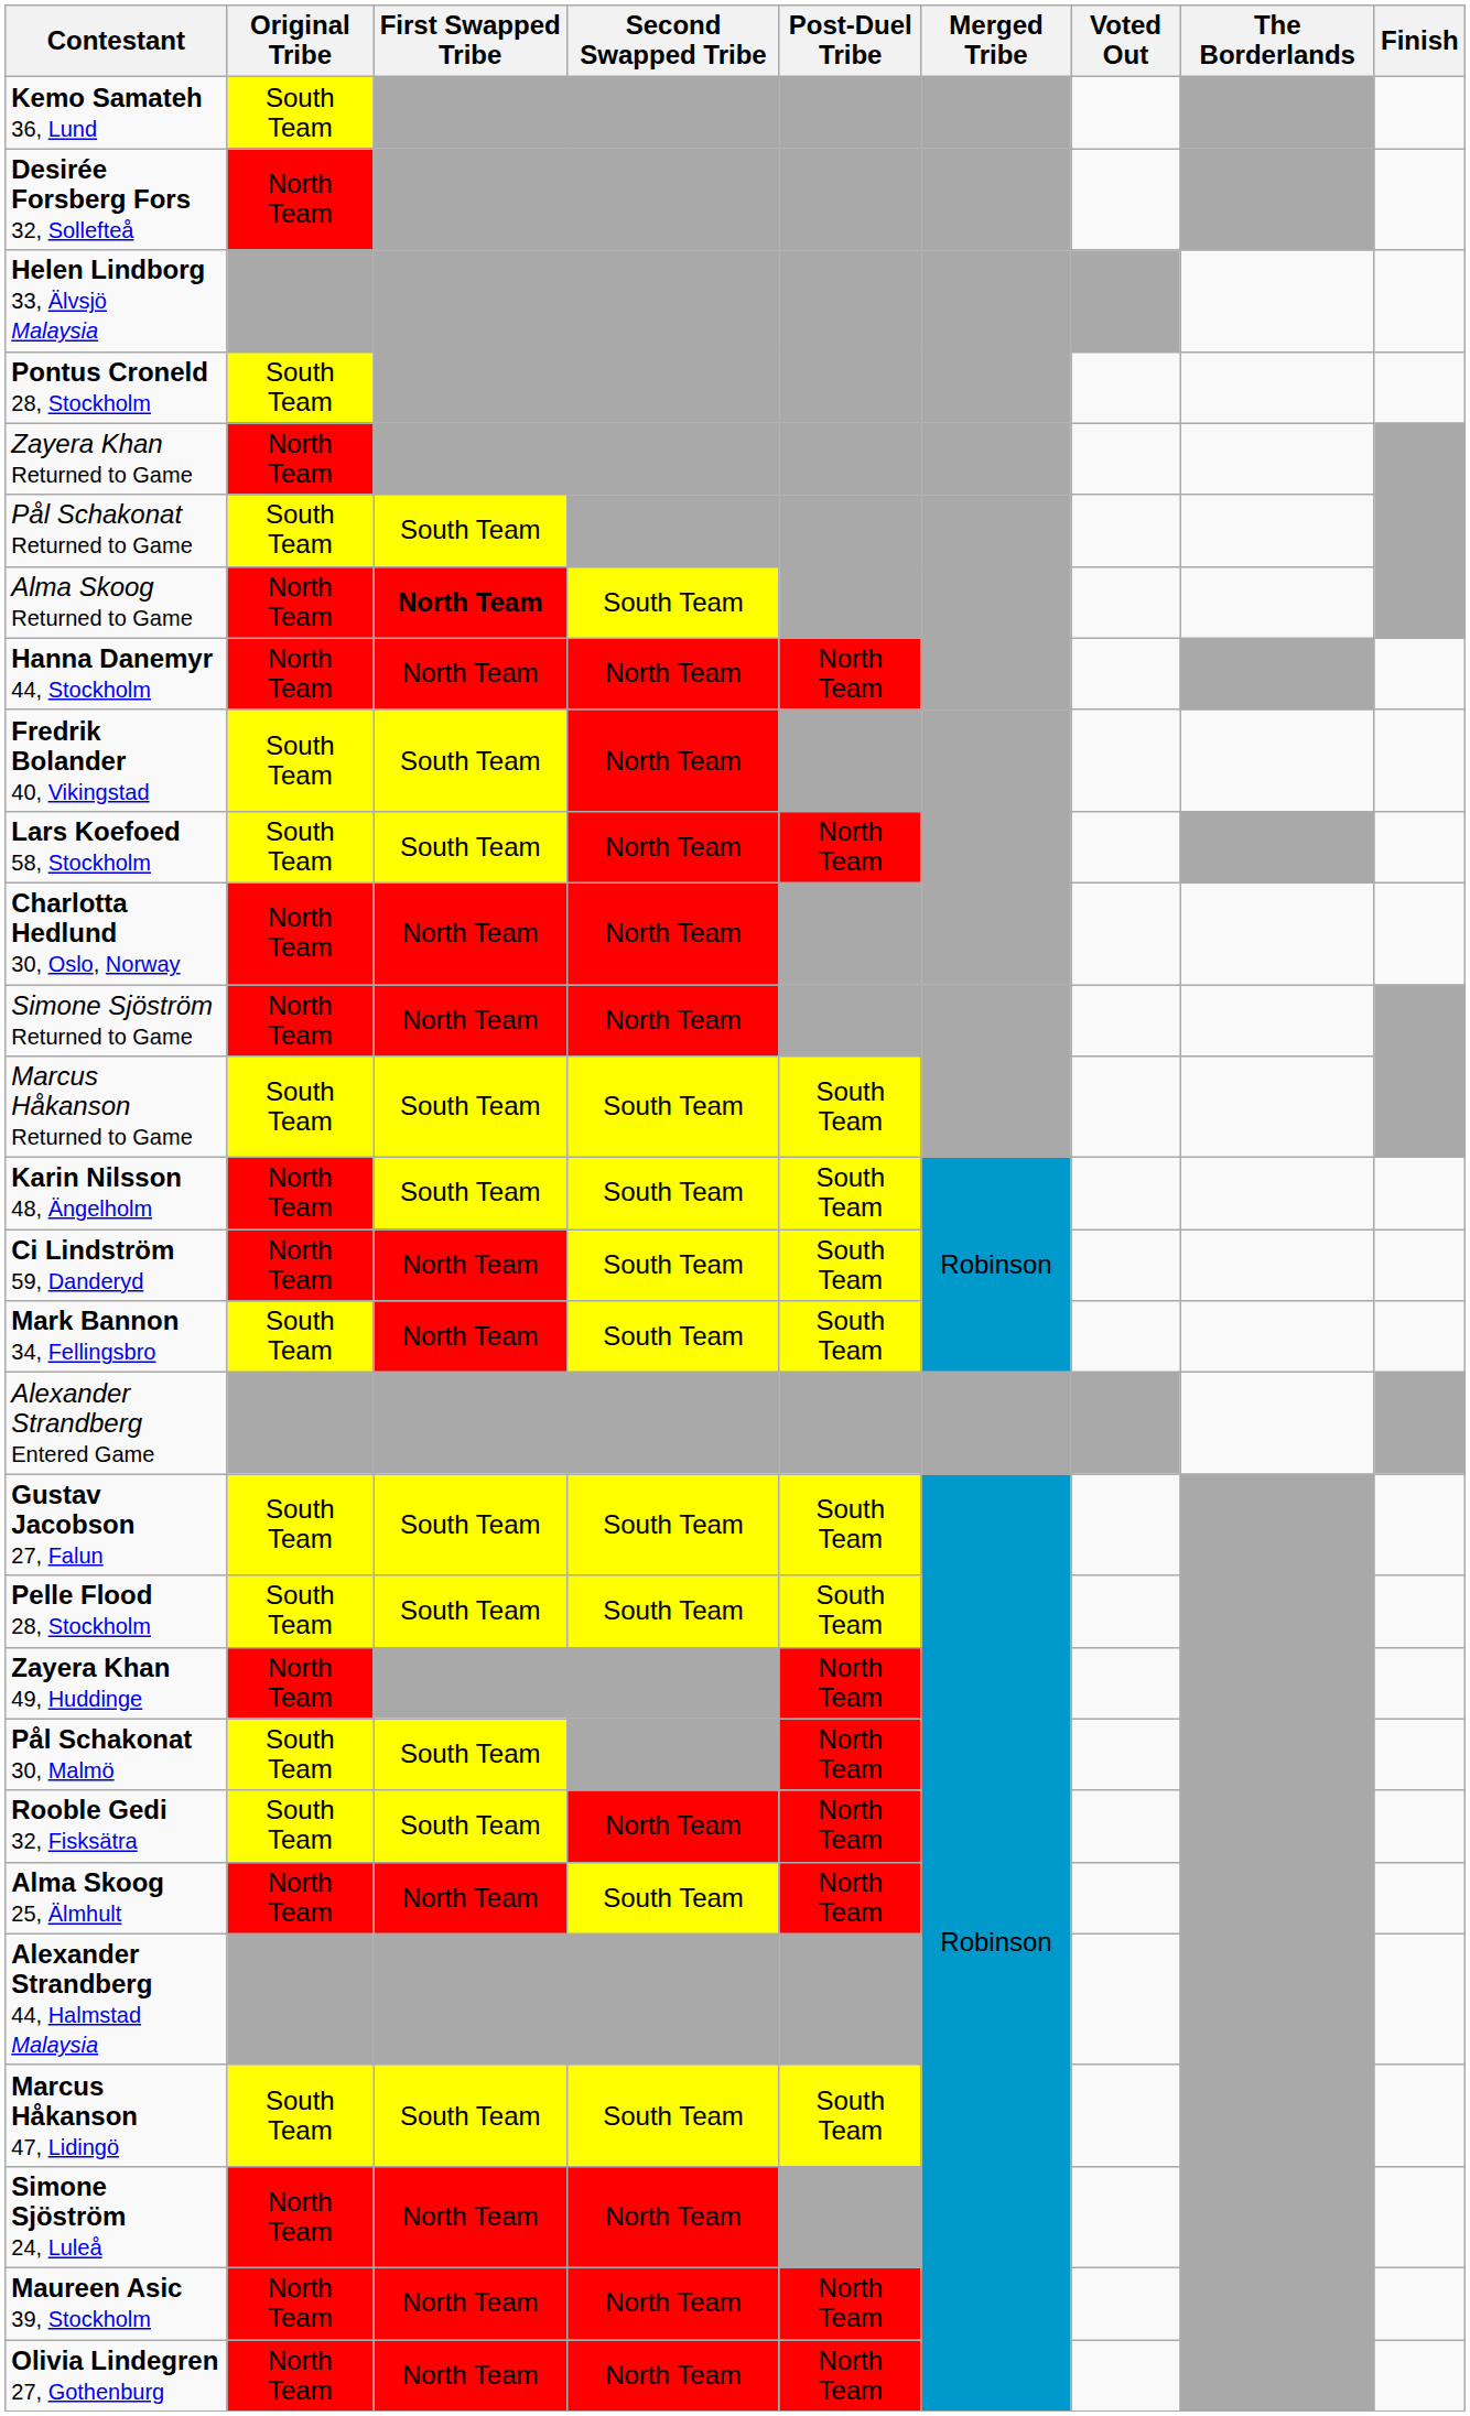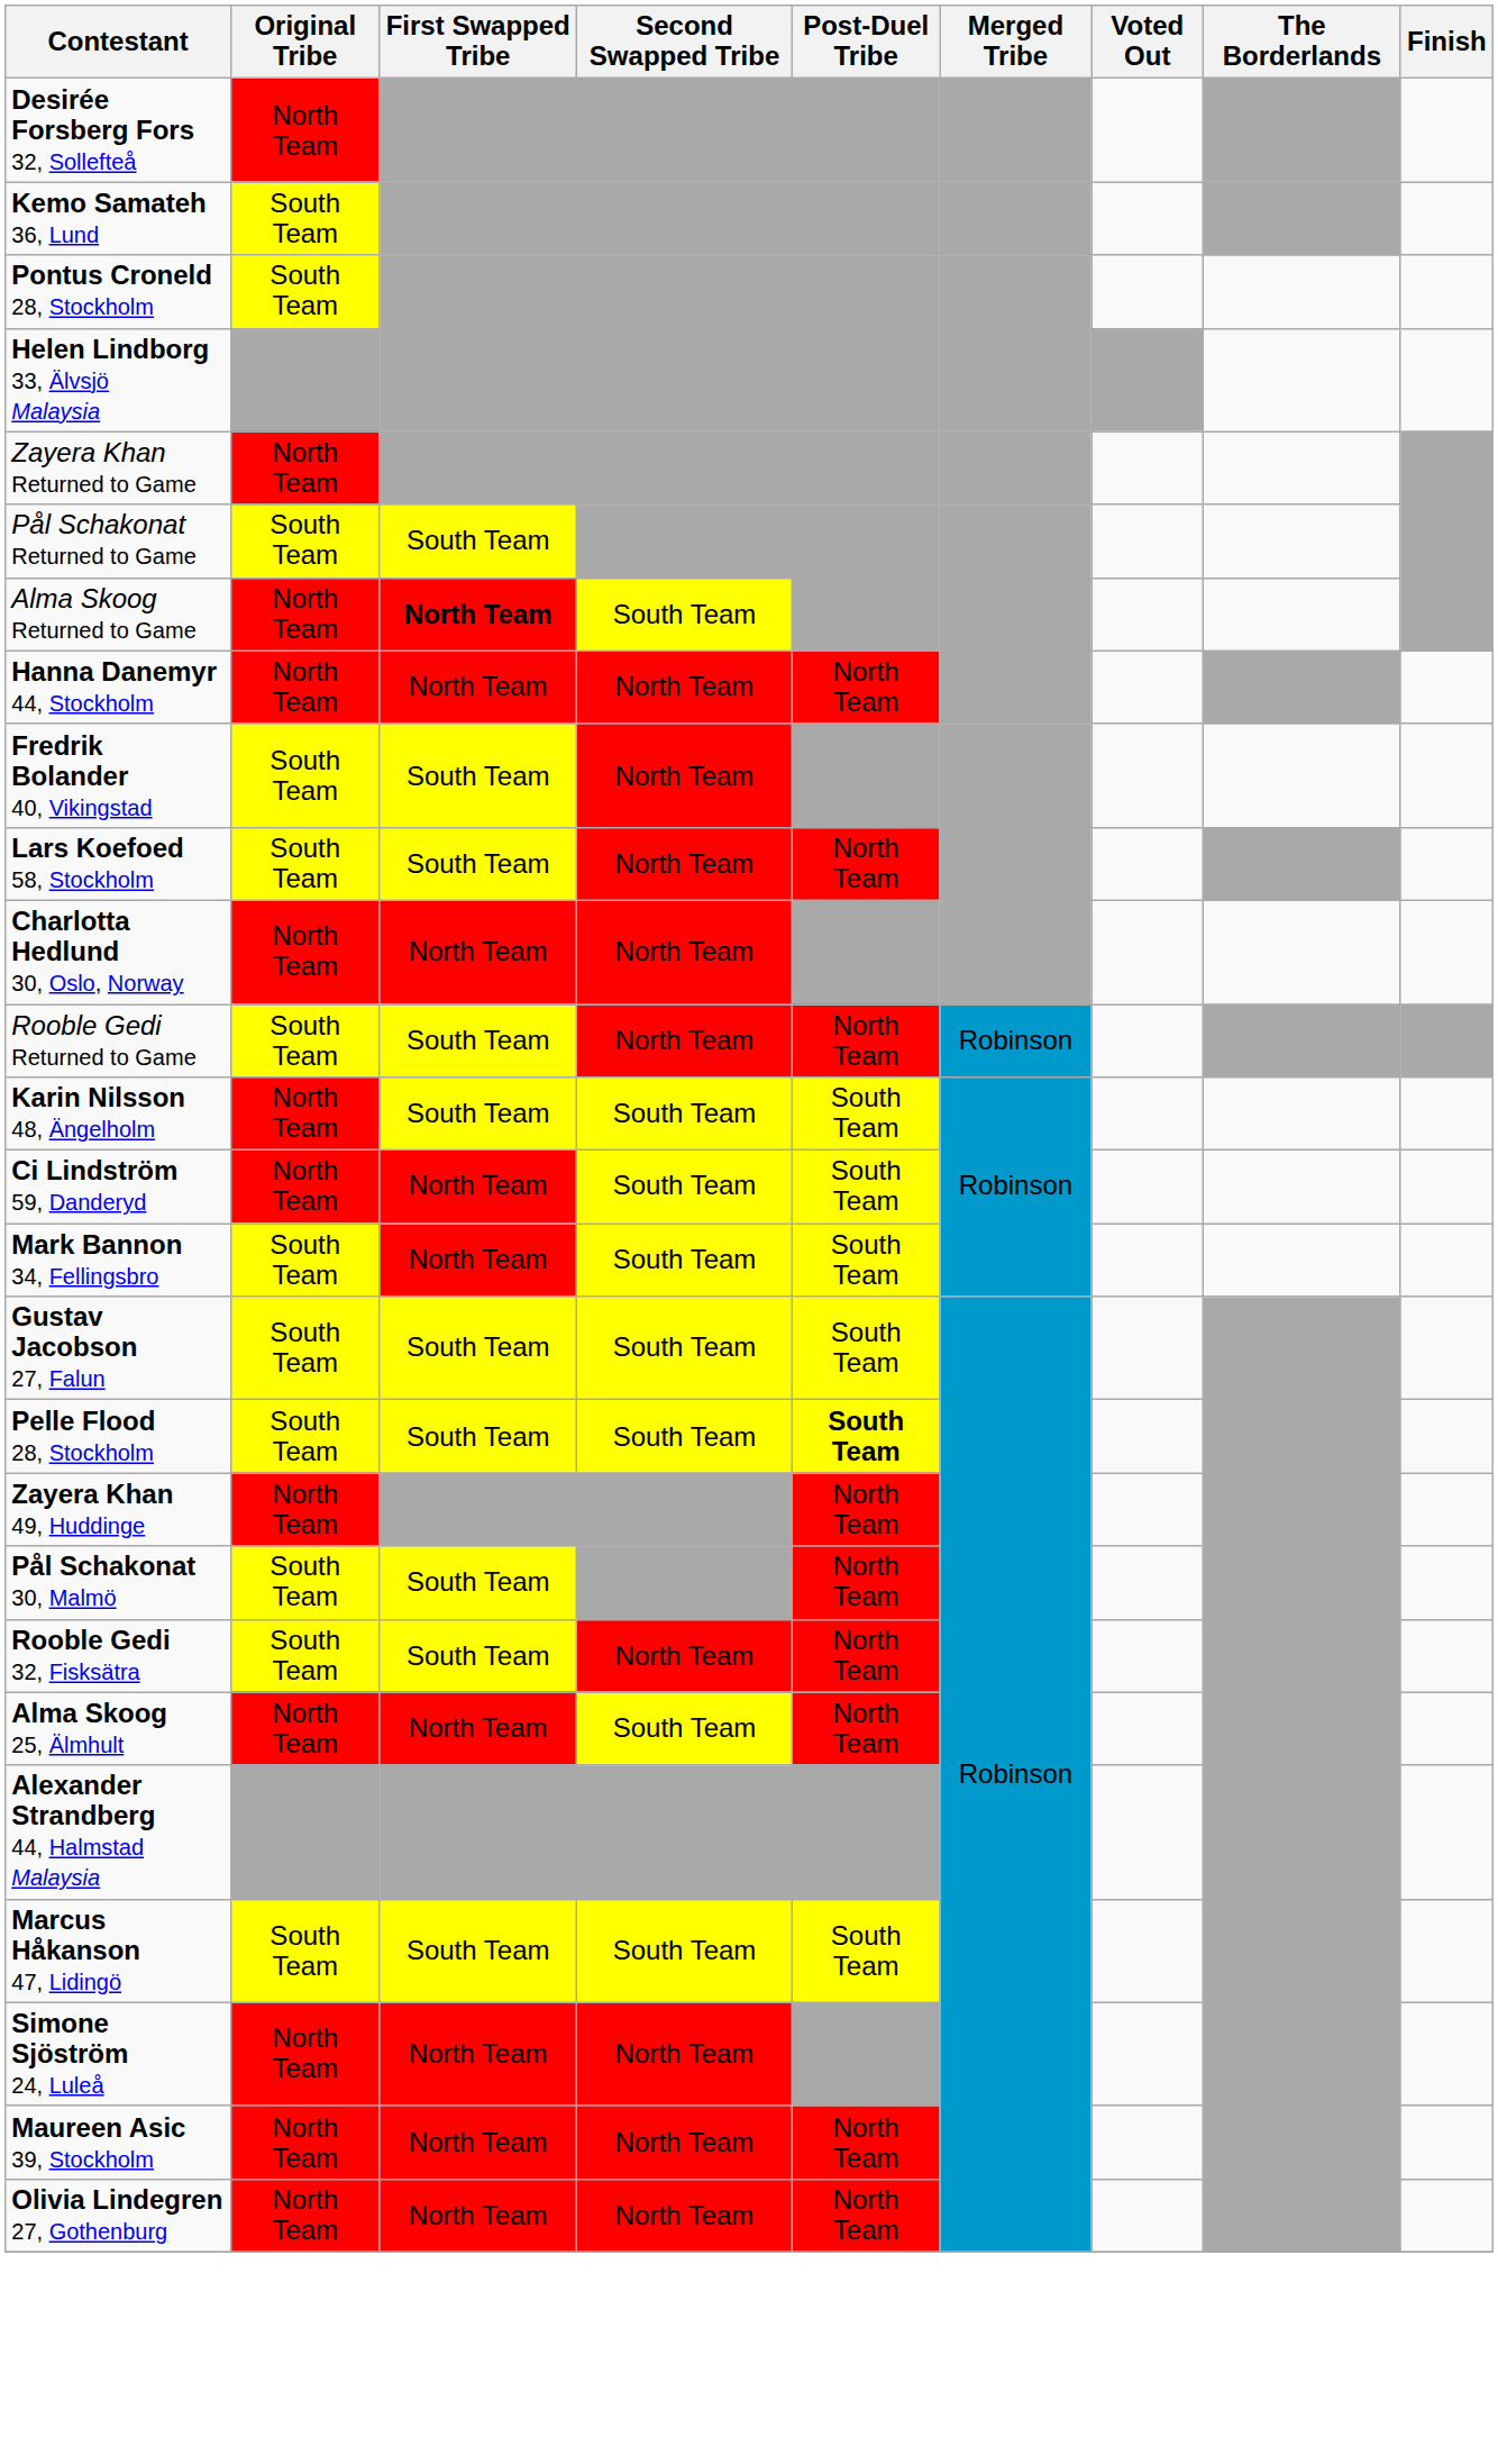 <table class="wikitable" style="margin:auto; text-align:center">
 <tr>
 <th>Contestant</th>
 <th>Original Tribe</th>
 <th>First Swapped Tribe</th>
 <th>Second Swapped Tribe</th>
 <th>Post-Duel Tribe</th>
 <th>Merged Tribe</th>
 <th>Voted Out</th>
 <th>The Borderlands</th>
 <th>Finish</th>
 </tr>
 <tr>
+<td style="text-align: left;"><strong>Desirée Forsberg Fors</strong><br><small>32, <a href='#'>Sollefteå</a></small></td>
+<td bgcolor="red">North Team</td>
+<td bgcolor="darkgrey"></td>
+<td bgcolor="darkgrey"></td>
+<td bgcolor="darkgrey"></td>
+<td bgcolor="darkgrey"></td>
+<td></td>
+<td bgcolor="darkgrey"></td>
+<td></td>
+</tr>
+<tr>
 <td style="text-align: left;"><strong>Kemo Samateh</strong><br><small>36, <a href='#'>Lund</a></small></td>
 <td bgcolor="yellow">South Team</td>
 <td bgcolor="darkgrey"></td>
 <td bgcolor="darkgrey"></td>
 <td bgcolor="darkgrey"></td>
 <td bgcolor="darkgrey"></td>
 <td></td>
 <td bgcolor="darkgrey"></td>
 <td></td>
 </tr>
 <tr>
-<td style="text-align: left;"><strong>Desirée Forsberg Fors</strong><br><small>32, <a href='#'>Sollefteå</a></small></td>
-<td bgcolor="red">North Team</td>
+<td style="text-align: left;"><strong>Pontus Croneld</strong><br><small>28, <a href='#'>Stockholm</a></small></td>
+<td bgcolor="yellow">South Team</td>
 <td bgcolor="darkgrey"></td>
 <td bgcolor="darkgrey"></td>
 <td bgcolor="darkgrey"></td>
 <td bgcolor="darkgrey"></td>
 <td></td>
-<td bgcolor="darkgrey"></td>
+<td></td>
 <td></td>
 </tr>
 <tr>
 <td style="text-align: left;"><strong>Helen Lindborg</strong><br><small>33, <a href='#'>Älvsjö</a><br><em><a href='#'>Malaysia</a></em></small></td>
 <td bgcolor="darkgrey"></td>
 <td bgcolor="darkgrey"></td>
 <td bgcolor="darkgrey"></td>
 <td bgcolor="darkgrey"></td>
 <td bgcolor="darkgrey"></td>
 <td bgcolor="darkgrey"></td>
-<td></td>
-<td></td>
-</tr>
-<tr>
-<td style="text-align: left;"><strong>Pontus Croneld</strong><br><small>28, <a href='#'>Stockholm</a></small></td>
-<td bgcolor="yellow">South Team</td>
-<td bgcolor="darkgrey"></td>
-<td bgcolor="darkgrey"></td>
-<td bgcolor="darkgrey"></td>
-<td bgcolor="darkgrey"></td>
-<td></td>
 <td></td>
 <td></td>
 </tr>
 <tr>
 <td style="text-align: left;"><em>Zayera Khan</em><br><small>Returned to Game</small></td>
 <td bgcolor="red">North Team</td>
 <td bgcolor="darkgrey"></td>
 <td bgcolor="darkgrey"></td>
 <td bgcolor="darkgrey"></td>
 <td bgcolor="darkgrey"></td>
 <td></td>
 <td></td>
 <td rowspan="3" bgcolor="darkgrey"></td>
 </tr>
 <tr>
 <td style="text-align: left;"><em>Pål Schakonat</em><br><small>Returned to Game</small></td>
 <td bgcolor="yellow">South Team</td>
 <td bgcolor="yellow">South Team</td>
 <td bgcolor="darkgrey"></td>
 <td bgcolor="darkgrey"></td>
 <td bgcolor="darkgrey"></td>
 <td></td>
 <td></td>
 </tr>
 <tr>
 <td style="text-align: left;"><em>Alma Skoog</em><br><small>Returned to Game</small></td>
 <td bgcolor="red">North Team</td>
 <td bgcolor="red"><strong>North Team</strong></td>
 <td bgcolor="yellow">South Team</td>
 <td bgcolor="darkgrey"></td>
 <td bgcolor="darkgrey"></td>
 <td></td>
 <td></td>
 </tr>
 <tr>
 <td style="text-align: left;"><strong>Hanna Danemyr</strong><br><small>44, <a href='#'>Stockholm</a></small></td>
 <td bgcolor="red">North Team</td>
 <td bgcolor="red">North Team</td>
 <td bgcolor="red">North Team</td>
 <td bgcolor="red">North Team</td>
 <td bgcolor="darkgrey"></td>
 <td></td>
 <td bgcolor="darkgrey"></td>
 <td></td>
 </tr>
 <tr>
 <td style="text-align: left;"><strong>Fredrik Bolander</strong><br><small>40, <a href='#'>Vikingstad</a></small></td>
 <td bgcolor="yellow">South Team</td>
 <td bgcolor="yellow">South Team</td>
 <td bgcolor="red">North Team</td>
 <td bgcolor="darkgrey"></td>
 <td bgcolor="darkgrey"></td>
 <td></td>
 <td></td>
 <td></td>
 </tr>
 <tr>
 <td style="text-align: left;"><strong>Lars Koefoed</strong><br><small>58, <a href='#'>Stockholm</a></small></td>
 <td bgcolor="yellow">South Team</td>
 <td bgcolor="yellow">South Team</td>
 <td bgcolor="red">North Team</td>
 <td bgcolor="red">North Team</td>
 <td bgcolor="darkgrey"></td>
 <td></td>
 <td bgcolor="darkgrey"></td>
 <td></td>
 </tr>
 <tr>
 <td style="text-align: left;"><strong>Charlotta Hedlund</strong><br><small>30, <a href='#'>Oslo</a>, <a href='#'>Norway</a></small></td>
 <td bgcolor="red">North Team</td>
 <td bgcolor="red">North Team</td>
 <td bgcolor="red">North Team</td>
 <td bgcolor="darkgrey"></td>
 <td bgcolor="darkgrey"></td>
 <td></td>
 <td></td>
 <td></td>
 </tr>
 <tr>
-<td style="text-align: left;"><em>Simone Sjöström</em><br><small>Returned to Game</small></td>
+<td style="text-align: left;"><em>Rooble Gedi</em><br><small>Returned to Game</small></td>
+<td bgcolor="yellow">South Team</td>
+<td bgcolor="yellow">South Team</td>
 <td bgcolor="red">North Team</td>
 <td bgcolor="red">North Team</td>
-<td bgcolor="red">North Team</td>
-<td bgcolor="darkgrey"></td>
-<td bgcolor="darkgrey"></td>
-<td></td>
+<td bgcolor="#0099CC">Robinson</td>
 <td></td>
 <td bgcolor="darkgrey"></td>
-</tr>
-<tr>
-<td style="text-align: left;"><em>Marcus Håkanson</em><br><small>Returned to Game</small></td>
-<td bgcolor="yellow">South Team</td>
-<td bgcolor="yellow">South Team</td>
-<td bgcolor="yellow">South Team</td>
-<td bgcolor="yellow">South Team</td>
-<td bgcolor="darkgrey"></td>
-<td></td>
-<td></td>
 <td bgcolor="darkgrey"></td>
 </tr>
 <tr>
 <td style="text-align: left;"><strong>Karin Nilsson</strong><br><small>48, <a href='#'>Ängelholm</a></small></td>
 <td bgcolor="red">North Team</td>
 <td bgcolor="yellow">South Team</td>
 <td bgcolor="yellow">South Team</td>
 <td bgcolor="yellow">South Team</td>
 <td rowspan="3" bgcolor="#0099CC">Robinson</td>
 <td></td>
 <td></td>
 <td></td>
 </tr>
 <tr>
 <td style="text-align: left;"><strong>Ci Lindström</strong><br><small>59, <a href='#'>Danderyd</a></small></td>
 <td bgcolor="red">North Team</td>
 <td bgcolor="red">North Team</td>
 <td bgcolor="yellow">South Team</td>
 <td bgcolor="yellow">South Team</td>
 <td></td>
 <td></td>
 <td></td>
 </tr>
 <tr>
 <td style="text-align: left;"><strong>Mark Bannon</strong><br><small>34, <a href='#'>Fellingsbro</a></small></td>
 <td bgcolor="yellow">South Team</td>
 <td bgcolor="red">North Team</td>
 <td bgcolor="yellow">South Team</td>
 <td bgcolor="yellow">South Team</td>
 <td></td>
 <td></td>
 <td></td>
 </tr>
 <tr>
-<td style="text-align: left;"><em>Alexander Strandberg</em><br><small>Entered Game</small></td>
-<td bgcolor="darkgrey"></td>
-<td bgcolor="darkgrey"></td>
-<td bgcolor="darkgrey"></td>
-<td bgcolor="darkgrey"></td>
-<td bgcolor="darkgrey"></td>
-<td bgcolor="darkgrey"></td>
-<td></td>
-<td bgcolor="darkgrey"></td>
-</tr>
-<tr>
 <td style="text-align: left;"><strong>Gustav Jacobson</strong><br><small>27, <a href='#'>Falun</a></small></td>
 <td bgcolor="yellow">South Team</td>
 <td bgcolor="yellow">South Team</td>
 <td bgcolor="yellow">South Team</td>
 <td bgcolor="yellow">South Team</td>
 <td rowspan="11" bgcolor="#0099CC">Robinson</td>
 <td></td>
 <td rowspan="11" bgcolor="darkgrey"></td>
 <td></td>
 </tr>
 <tr>
 <td style="text-align: left;"><strong>Pelle Flood</strong><br><small>28, <a href='#'>Stockholm</a></small></td>
 <td bgcolor="yellow">South Team</td>
 <td bgcolor="yellow">South Team</td>
 <td bgcolor="yellow">South Team</td>
-<td bgcolor="yellow">South Team</td>
+<td bgcolor="yellow"><strong>South Team</strong></td>
 <td></td>
 <td></td>
 </tr>
 <tr>
 <td style="text-align: left;"><strong>Zayera Khan</strong><br><small>49, <a href='#'>Huddinge</a></small></td>
 <td bgcolor="red">North Team</td>
 <td bgcolor="darkgrey"></td>
 <td bgcolor="darkgrey"></td>
 <td bgcolor="red">North Team</td>
 <td></td>
 <td></td>
 </tr>
 <tr>
 <td style="text-align: left;"><strong>Pål Schakonat</strong><br><small>30, <a href='#'>Malmö</a></small></td>
 <td bgcolor="yellow">South Team</td>
 <td bgcolor="yellow">South Team</td>
 <td bgcolor="darkgrey"></td>
 <td bgcolor="red">North Team</td>
 <td></td>
 <td></td>
 </tr>
 <tr>
 <td style="text-align: left;"><strong>Rooble Gedi</strong><br><small>32, <a href='#'>Fisksätra</a></small></td>
 <td bgcolor="yellow">South Team</td>
 <td bgcolor="yellow">South Team</td>
 <td bgcolor="red">North Team</td>
 <td bgcolor="red">North Team</td>
 <td></td>
 <td></td>
 </tr>
 <tr>
 <td style="text-align: left;"><strong>Alma Skoog</strong><br><small>25, <a href='#'>Älmhult</a></small></td>
 <td bgcolor="red">North Team</td>
 <td bgcolor="red">North Team</td>
 <td bgcolor="yellow">South Team</td>
 <td bgcolor="red">North Team</td>
 <td></td>
 <td></td>
 </tr>
 <tr>
 <td style="text-align: left;"><strong>Alexander Strandberg</strong><br><small>44, <a href='#'>Halmstad</a><br><em><a href='#'>Malaysia</a></em></small></td>
 <td bgcolor="darkgrey"></td>
 <td bgcolor="darkgrey"></td>
 <td bgcolor="darkgrey"></td>
 <td bgcolor="darkgrey"></td>
 <td></td>
 <td></td>
 </tr>
 <tr>
 <td style="text-align: left;"><strong>Marcus Håkanson</strong><br><small>47, <a href='#'>Lidingö</a></small></td>
 <td bgcolor="yellow">South Team</td>
 <td bgcolor="yellow">South Team</td>
 <td bgcolor="yellow">South Team</td>
 <td bgcolor="yellow">South Team</td>
 <td></td>
 <td></td>
 </tr>
 <tr>
 <td style="text-align: left;"><strong>Simone Sjöström</strong><br><small>24, <a href='#'>Luleå</a></small></td>
 <td bgcolor="red">North Team</td>
 <td bgcolor="red">North Team</td>
 <td bgcolor="red">North Team</td>
 <td bgcolor="darkgrey"></td>
 <td></td>
 <td></td>
 </tr>
 <tr>
 <td style="text-align: left;"><strong>Maureen Asic</strong><br><small>39, <a href='#'>Stockholm</a></small></td>
 <td bgcolor="red">North Team</td>
 <td bgcolor="red">North Team</td>
 <td bgcolor="red">North Team</td>
 <td bgcolor="red">North Team</td>
 <td></td>
 <td></td>
 </tr>
 <tr>
 <td style="text-align: left;"><strong>Olivia Lindegren</strong><br><small>27, <a href='#'>Gothenburg</a></small></td>
 <td bgcolor="red">North Team</td>
 <td bgcolor="red">North Team</td>
 <td bgcolor="red">North Team</td>
 <td bgcolor="red">North Team</td>
 <td></td>
 <td></td>
 </tr>
 <tr>
 </tr>
 </table>
